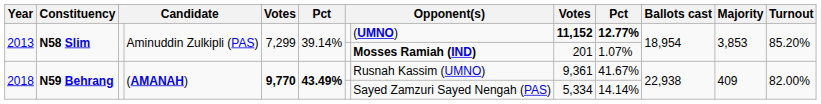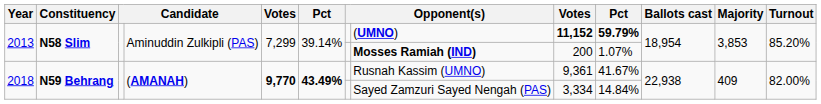 <table class="wikitable" style="margin:0.5em ; font-size:95%">
 <tr>
 <th>Year</th>
 <th>Constituency</th>
 <th colspan=2>Candidate</th>
 <th>Votes</th>
 <th>Pct</th>
 <th colspan=2>Opponent(s)</th>
 <th>Votes</th>
 <th>Pct</th>
 <th>Ballots cast</th>
 <th>Majority</th>
 <th>Turnout</th>
 </tr>
 <tr>
 <td rowspan=2><a href='#'>2013</a></td>
 <td rowspan=2><strong>N58 <a href='#'>Slim</a></strong></td>
 <td rowspan=2 ></td>
 <td rowspan=2>Aminuddin Zulkipli (<a href='#'>PAS</a>)</td>
 <td rowspan=2 align="right">7,299</td>
 <td rowspan=2>39.14%</td>
 <td></td>
 <td> (<a href='#'><strong>UMNO</strong></a>)</td>
 <td align="right"><strong>11,152</strong></td>
-<td><strong>12.77%</strong></td>
+<td><strong>59.79%</strong></td>
 <td rowspan=2>18,954</td>
 <td rowspan=2>3,853</td>
 <td rowspan=2>85.20%</td>
 </tr>
 <tr>
 <td></td>
 <td><strong>Mosses Ramiah (<a href='#'>IND</a>)</strong></td>
-<td align="right">201</td>
+<td align="right">200</td>
 <td>1.07%</td>
 </tr>
 <tr>
 <td rowspan=2><a href='#'>2018</a></td>
 <td rowspan=2><strong>N59 <a href='#'>Behrang</a></strong></td>
 <td rowspan=2 ></td>
 <td rowspan=2> (<a href='#'><strong>AMANAH</strong></a>)</td>
 <td rowspan=2 align="right"><strong>9,770</strong></td>
 <td rowspan=2><strong>43.49%</strong></td>
 <td></td>
 <td>Rusnah Kassim (<a href='#'>UMNO</a>)</td>
 <td align="right">9,361</td>
 <td>41.67%</td>
 <td rowspan=2>22,938</td>
 <td rowspan=2>409</td>
 <td rowspan=2>82.00%</td>
 </tr>
 <tr>
 <td></td>
 <td>Sayed Zamzuri Sayed Nengah (<a href='#'>PAS</a>)</td>
-<td align="right">5,334</td>
-<td>14.14%</td>
+<td align="right">3,334</td>
+<td>14.84%</td>
 </tr>
 </table>
